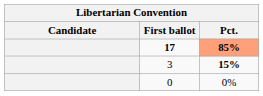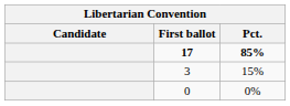 <table class="wikitable sortable plainrowheaders">
 <tr>
 <th colspan="5" >Libertarian Convention</th>
 </tr>
 <tr style="background:#eee; text-align:center;">
 <th scope="col" style="width: 12em">Candidate</th>
 <th scope="col"  style="width: 5em">First ballot</th>
 <th scope="col"  style="width: 5em">Pct.</th>
 </tr>
 <tr>
 <th scope="row"><strong></strong></th>
 <td style="text-align:center;"><strong>17</strong></td>
-<td style="background: lightsalmon; text-align:center;"><strong>85%</strong></td>
+<td style="text-align:center;"><strong>85%</strong></td>
 </tr>
 <tr>
 <th scope="row"></th>
 <td style="text-align:center;">3</td>
-<td style="text-align:center;"><strong>15%</strong></td>
+<td style="text-align:center;">15%</td>
 </tr>
 <tr>
 <th scope="row"></th>
 <td style="text-align:center;">0</td>
 <td style="text-align:center;">0%</td>
 </tr>
 </table>
